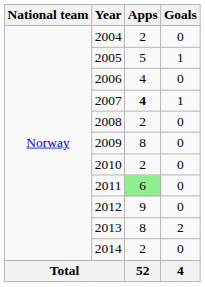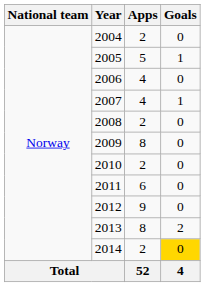 <table class="wikitable" style="text-align:center">
 <tr>
 <th>National team</th>
 <th>Year</th>
 <th>Apps</th>
 <th>Goals</th>
 </tr>
 <tr>
 <td rowspan="11"><a href='#'>Norway</a></td>
 <td>2004</td>
 <td>2</td>
 <td>0</td>
 </tr>
 <tr>
 <td>2005</td>
 <td>5</td>
 <td>1</td>
 </tr>
 <tr>
 <td>2006</td>
 <td>4</td>
 <td>0</td>
 </tr>
 <tr>
 <td>2007</td>
-<td><strong>4</strong></td>
+<td>4</td>
 <td>1</td>
 </tr>
 <tr>
 <td>2008</td>
 <td>2</td>
 <td>0</td>
 </tr>
 <tr>
 <td>2009</td>
 <td>8</td>
 <td>0</td>
 </tr>
 <tr>
 <td>2010</td>
 <td>2</td>
 <td>0</td>
 </tr>
 <tr>
 <td>2011</td>
-<td style="background: lightgreen;">6</td>
+<td>6</td>
 <td>0</td>
 </tr>
 <tr>
 <td>2012</td>
 <td>9</td>
 <td>0</td>
 </tr>
 <tr>
 <td>2013</td>
 <td>8</td>
 <td>2</td>
 </tr>
 <tr>
 <td>2014</td>
 <td>2</td>
-<td>0</td>
+<td style="background: gold;">0</td>
 </tr>
 <tr>
 <th colspan="2">Total</th>
 <th>52</th>
 <th>4</th>
 </tr>
 </table>
